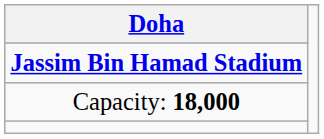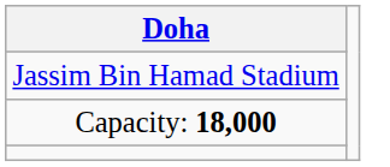 <table class="wikitable" style="text-align:center">
 <tr>
 <th><a href='#'>Doha</a></th>
 <td rowspan="4"></td>
 </tr>
 <tr>
-<td><strong><a href='#'>Jassim Bin Hamad Stadium</a></strong></td>
+<td><a href='#'>Jassim Bin Hamad Stadium</a></td>
 </tr>
 <tr>
 <td>Capacity: <strong>18,000</strong></td>
 </tr>
 <tr>
 <td></td>
 </tr>
 </table>
